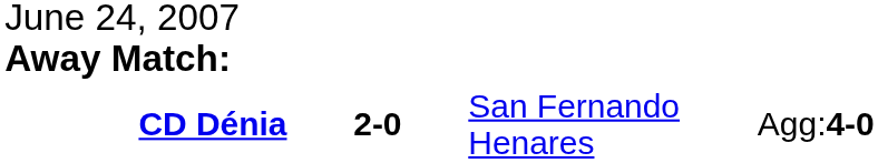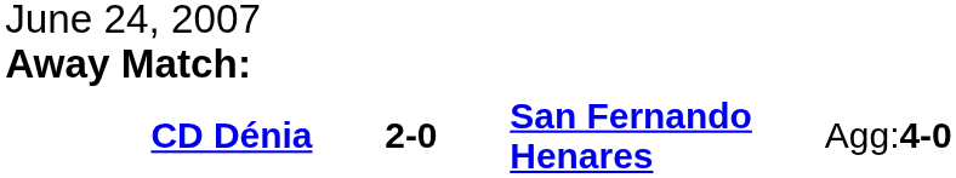 <table width=100% cellspacing=1>
 <tr>
 <th width=20%></th>
 <th width=12%></th>
 <th width=20%></th>
 <th></th>
 </tr>
 <tr>
 <td>June 24, 2007<br><strong>Away Match:</strong></td>
 </tr>
 <tr style=font-size:90%>
 <td align=right><strong><a href='#'>CD Dénia</a></strong></td>
 <td align=center><strong>2-0</strong></td>
-<td><a href='#'>San Fernando Henares</a></td>
+<td><strong><a href='#'>San Fernando Henares</a></strong></td>
 <td>Agg:<strong>4-0</strong></td>
 </tr>
 </table>
